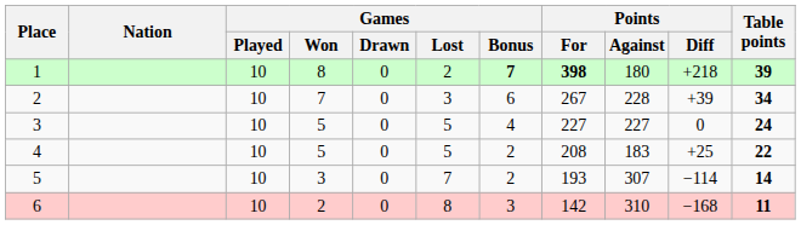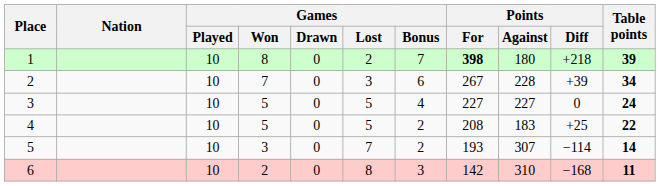 <table class="wikitable" style="text-align:center">
 <tr>
 <th rowspan=2 width="8%">Place</th>
 <th rowspan=2 width="20%">Nation</th>
 <th colspan=5 width="40%">Games</th>
 <th colspan=3 width="24%">Points</th>
 <th rowspan=2 width="10%">Table<br>points</th>
 </tr>
 <tr>
 <th width="8%">Played</th>
 <th width="8%">Won</th>
 <th width="8%">Drawn</th>
 <th width="8%">Lost</th>
 <th width="8%">Bonus</th>
 <th width="8%">For</th>
 <th width="8%">Against</th>
 <th width="8%">Diff</th>
 </tr>
 <tr bgcolor="#ccffcc">
 <td>1</td>
 <td align=left></td>
 <td>10</td>
 <td>8</td>
 <td>0</td>
 <td>2</td>
-<td><strong>7</strong></td>
+<td>7</td>
 <td><strong>398</strong></td>
 <td>180</td>
 <td>+218</td>
 <td><strong>39</strong></td>
 </tr>
 <tr>
 <td>2</td>
 <td align=left></td>
 <td>10</td>
 <td>7</td>
 <td>0</td>
 <td>3</td>
 <td>6</td>
 <td>267</td>
 <td>228</td>
 <td>+39</td>
 <td><strong>34</strong></td>
 </tr>
 <tr>
 <td>3</td>
 <td align=left></td>
 <td>10</td>
 <td>5</td>
 <td>0</td>
 <td>5</td>
 <td>4</td>
 <td>227</td>
 <td>227</td>
 <td>0</td>
 <td><strong>24</strong></td>
 </tr>
 <tr>
 <td>4</td>
 <td align=left></td>
 <td>10</td>
 <td>5</td>
 <td>0</td>
 <td>5</td>
 <td>2</td>
 <td>208</td>
 <td>183</td>
 <td>+25</td>
 <td><strong>22</strong></td>
 </tr>
 <tr>
 <td>5</td>
 <td align=left></td>
 <td>10</td>
 <td>3</td>
 <td>0</td>
 <td>7</td>
 <td>2</td>
 <td>193</td>
 <td>307</td>
 <td>−114</td>
 <td><strong>14</strong></td>
 </tr>
 <tr bgcolor="#ffcccc">
 <td>6</td>
 <td align=left></td>
 <td>10</td>
 <td>2</td>
 <td>0</td>
 <td>8</td>
 <td>3</td>
 <td>142</td>
 <td>310</td>
 <td>−168</td>
 <td><strong>11</strong></td>
 </tr>
 </table>
